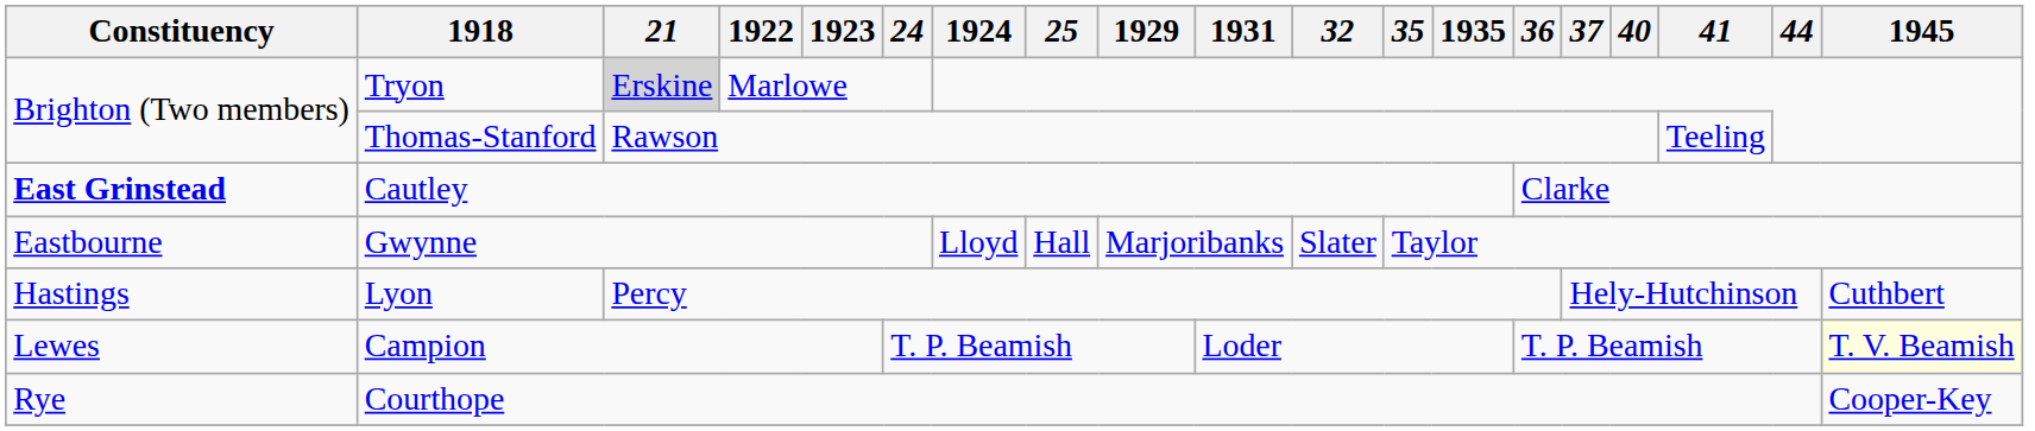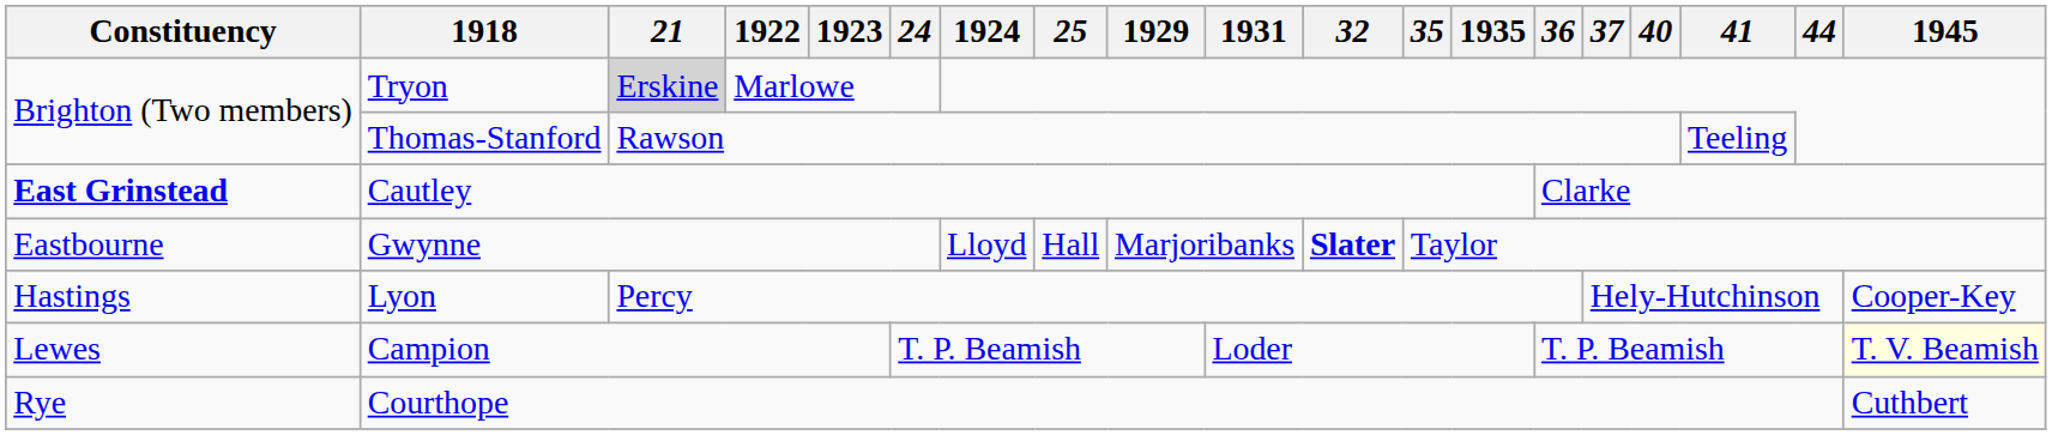 <table class="wikitable">
 <tr>
 <th>Constituency</th>
 <th>1918</th>
 <th><em>21</em></th>
 <th>1922</th>
 <th>1923</th>
 <th><em>24</em></th>
 <th>1924</th>
 <th><em>25</em></th>
 <th>1929</th>
 <th>1931</th>
 <th><em>32</em></th>
 <th><em>35</em></th>
 <th>1935</th>
 <th><em>36</em></th>
 <th><em>37</em></th>
 <th><em>40</em></th>
 <th><em>41</em></th>
 <th><em>44</em></th>
 <th>1945</th>
 </tr>
 <tr>
 <td rowspan="2"><a href='#'>Brighton</a> (Two members)</td>
 <td><a href='#'>Tryon</a></td>
 <td style="background: lightgrey;"><a href='#'>Erskine</a></td>
 <td colspan="3"><a href='#'>Marlowe</a></td>
 </tr>
 <tr>
 <td><a href='#'>Thomas-Stanford</a></td>
 <td colspan="14"><a href='#'>Rawson</a></td>
 <td><a href='#'>Teeling</a></td>
 </tr>
 <tr>
 <td><strong><a href='#'>East Grinstead</a></strong></td>
 <td colspan="12"><a href='#'>Cautley</a></td>
 <td colspan="6"><a href='#'>Clarke</a></td>
 </tr>
 <tr>
 <td><a href='#'>Eastbourne</a></td>
 <td colspan="5"><a href='#'>Gwynne</a></td>
 <td><a href='#'>Lloyd</a></td>
 <td><a href='#'>Hall</a></td>
 <td colspan="2"><a href='#'>Marjoribanks</a></td>
-<td><a href='#'>Slater</a></td>
+<td><strong><a href='#'>Slater</a></strong></td>
 <td colspan="8"><a href='#'>Taylor</a></td>
 </tr>
 <tr>
 <td><a href='#'>Hastings</a></td>
 <td><a href='#'>Lyon</a></td>
 <td colspan="12"><a href='#'>Percy</a></td>
 <td colspan="4"><a href='#'>Hely-Hutchinson</a></td>
-<td><a href='#'>Cuthbert</a></td>
+<td><a href='#'>Cooper-Key</a></td>
 </tr>
 <tr>
 <td><a href='#'>Lewes</a></td>
 <td colspan="4"><a href='#'>Campion</a></td>
 <td colspan="4"><a href='#'>T. P. Beamish</a></td>
 <td colspan="4"><a href='#'>Loder</a></td>
 <td colspan="5"><a href='#'>T. P. Beamish</a></td>
 <td style="background: lightyellow;"><a href='#'>T. V. Beamish</a></td>
 </tr>
 <tr>
 <td><a href='#'>Rye</a></td>
 <td colspan="17"><a href='#'>Courthope</a></td>
-<td><a href='#'>Cooper-Key</a></td>
+<td><a href='#'>Cuthbert</a></td>
 </tr>
 </table>
